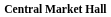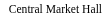 <table align="center" cellpadding=0px cellspacing=8px>
 <tr>
 <td></td>
 <td></td>
 <td></td>
 <td></td>
 </tr>
 <tr>
-<td><strong><small>Central Market Hall</small></strong></td>
+<td><small>Central Market Hall</small></td>
 </tr>
 </table>
